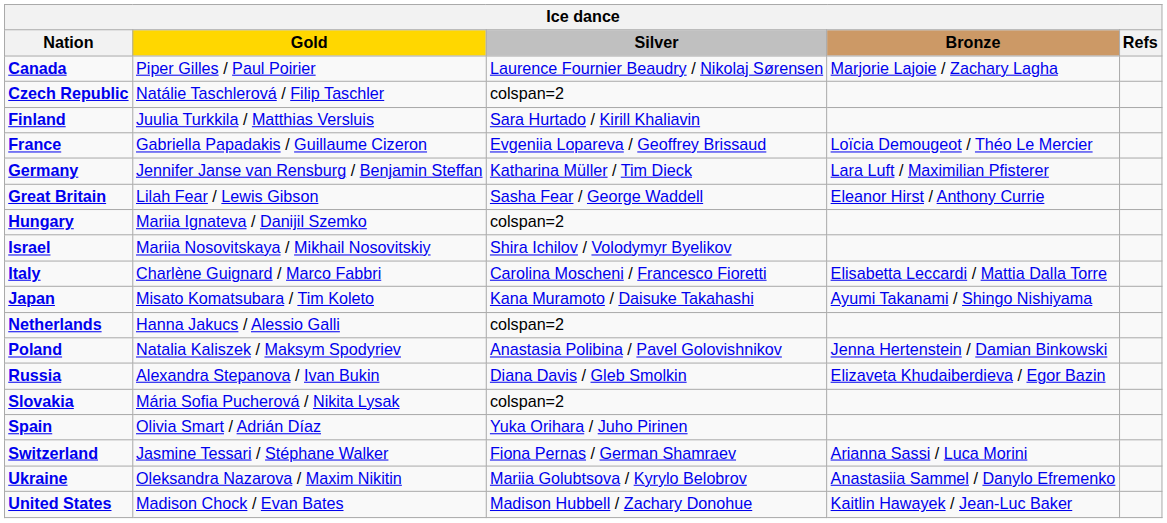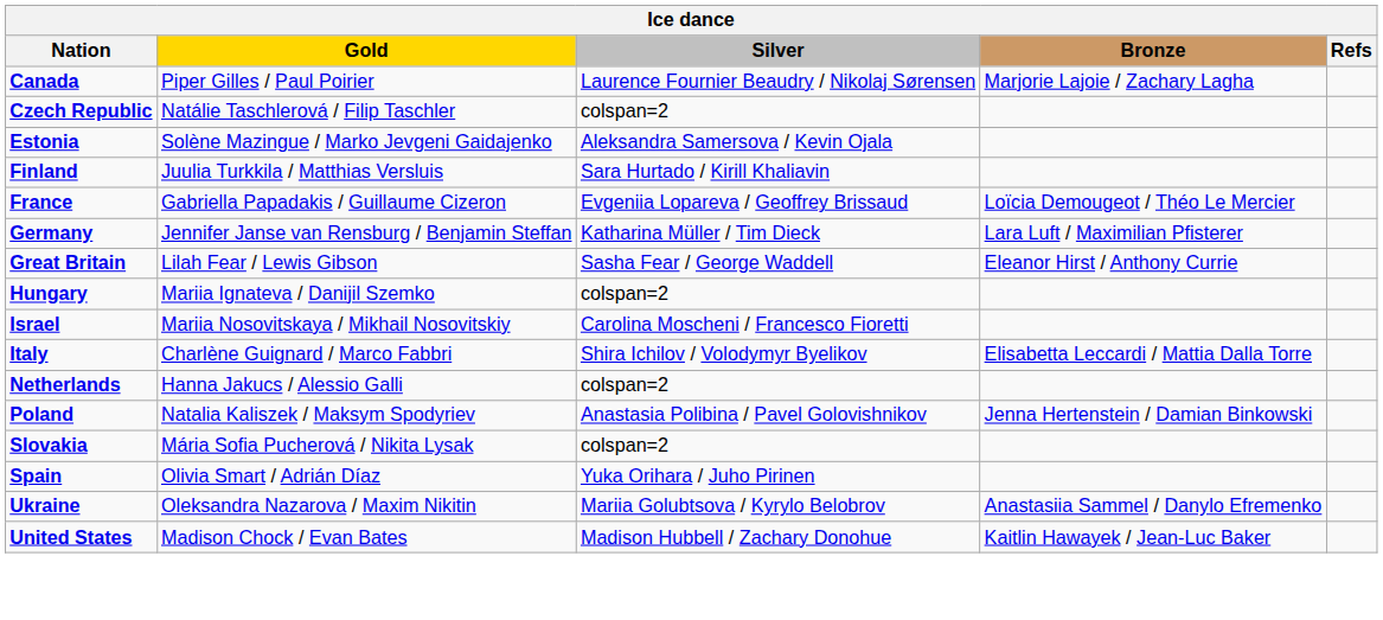 <table class="wikitable">
 <tr>
 <th colspan=5>Ice dance</th>
 </tr>
 <tr>
 <th>Nation</th>
 <td style="text-align:center; background:gold;"><strong>Gold</strong></td>
 <td style="text-align:center; background:silver;"><strong>Silver</strong></td>
 <td style="text-align:center; background:#c96;"><strong>Bronze</strong></td>
 <th>Refs</th>
 </tr>
 <tr>
 <td><strong> <a href='#'>Canada</a></strong></td>
 <td><a href='#'>Piper Gilles</a> / <a href='#'>Paul Poirier</a></td>
 <td><a href='#'>Laurence Fournier Beaudry</a> / <a href='#'>Nikolaj Sørensen</a></td>
 <td><a href='#'>Marjorie Lajoie</a> / <a href='#'>Zachary Lagha</a></td>
 <td></td>
 </tr>
 <tr>
 <td><strong> <a href='#'>Czech Republic</a></strong></td>
 <td><a href='#'>Natálie Taschlerová</a> / <a href='#'>Filip Taschler</a></td>
 <td>colspan=2 </td>
+<td></td>
+</tr>
+<tr>
+<td><strong> <a href='#'>Estonia</a></strong></td>
+<td><a href='#'>Solène Mazingue</a> / <a href='#'>Marko Jevgeni Gaidajenko</a></td>
+<td><a href='#'>Aleksandra Samersova</a> / <a href='#'>Kevin Ojala</a></td>
+<td></td>
 <td></td>
 </tr>
 <tr>
 <td><strong> <a href='#'>Finland</a></strong></td>
 <td><a href='#'>Juulia Turkkila</a> / <a href='#'>Matthias Versluis</a></td>
 <td><a href='#'>Sara Hurtado</a> / <a href='#'>Kirill Khaliavin</a></td>
 <td></td>
 <td></td>
 </tr>
 <tr>
 <td><strong> <a href='#'>France</a></strong></td>
 <td><a href='#'>Gabriella Papadakis</a> / <a href='#'>Guillaume Cizeron</a></td>
 <td><a href='#'>Evgeniia Lopareva</a> / <a href='#'>Geoffrey Brissaud</a></td>
 <td><a href='#'>Loïcia Demougeot</a> / <a href='#'>Théo Le Mercier</a></td>
 <td></td>
 </tr>
 <tr>
 <td><strong> <a href='#'>Germany</a></strong></td>
 <td><a href='#'>Jennifer Janse van Rensburg</a> / <a href='#'>Benjamin Steffan</a></td>
 <td><a href='#'>Katharina Müller</a> / <a href='#'>Tim Dieck</a></td>
 <td><a href='#'>Lara Luft</a> / <a href='#'>Maximilian Pfisterer</a></td>
 <td></td>
 </tr>
 <tr>
 <td><strong> <a href='#'>Great Britain</a></strong></td>
 <td><a href='#'>Lilah Fear</a> / <a href='#'>Lewis Gibson</a></td>
 <td><a href='#'>Sasha Fear</a> / <a href='#'>George Waddell</a></td>
 <td><a href='#'>Eleanor Hirst</a> / <a href='#'>Anthony Currie</a></td>
 <td></td>
 </tr>
 <tr>
 <td><strong> <a href='#'>Hungary</a></strong></td>
 <td><a href='#'>Mariia Ignateva</a> / <a href='#'>Danijil Szemko</a></td>
 <td>colspan=2 </td>
 <td></td>
 </tr>
 <tr>
 <td><strong> <a href='#'>Israel</a></strong></td>
 <td><a href='#'>Mariia Nosovitskaya</a> / <a href='#'>Mikhail Nosovitskiy</a></td>
-<td><a href='#'>Shira Ichilov</a> / <a href='#'>Volodymyr Byelikov</a></td>
+<td><a href='#'>Carolina Moscheni</a> / <a href='#'>Francesco Fioretti</a></td>
 <td></td>
 <td></td>
 </tr>
 <tr>
 <td><strong> <a href='#'>Italy</a></strong></td>
 <td><a href='#'>Charlène Guignard</a> / <a href='#'>Marco Fabbri</a></td>
-<td><a href='#'>Carolina Moscheni</a> / <a href='#'>Francesco Fioretti</a></td>
+<td><a href='#'>Shira Ichilov</a> / <a href='#'>Volodymyr Byelikov</a></td>
 <td><a href='#'>Elisabetta Leccardi</a> / <a href='#'>Mattia Dalla Torre</a></td>
-<td></td>
-</tr>
-<tr>
-<td><strong> <a href='#'>Japan</a></strong></td>
-<td><a href='#'>Misato Komatsubara</a> / <a href='#'>Tim Koleto</a></td>
-<td><a href='#'>Kana Muramoto</a> / <a href='#'>Daisuke Takahashi</a></td>
-<td><a href='#'>Ayumi Takanami</a> / <a href='#'>Shingo Nishiyama</a></td>
 <td></td>
 </tr>
 <tr>
 <td><strong> <a href='#'>Netherlands</a></strong></td>
 <td><a href='#'>Hanna Jakucs</a> / <a href='#'>Alessio Galli</a></td>
 <td>colspan=2 </td>
 <td></td>
 </tr>
 <tr>
 <td><strong> <a href='#'>Poland</a></strong></td>
 <td><a href='#'>Natalia Kaliszek</a> / <a href='#'>Maksym Spodyriev</a></td>
 <td><a href='#'>Anastasia Polibina</a> / <a href='#'>Pavel Golovishnikov</a></td>
 <td><a href='#'>Jenna Hertenstein</a> / <a href='#'>Damian Binkowski</a></td>
 <td></td>
 </tr>
 <tr>
-<td><strong> <a href='#'>Russia</a></strong></td>
-<td><a href='#'>Alexandra Stepanova</a> / <a href='#'>Ivan Bukin</a></td>
-<td><a href='#'>Diana Davis</a> / <a href='#'>Gleb Smolkin</a></td>
-<td><a href='#'>Elizaveta Khudaiberdieva</a> / <a href='#'>Egor Bazin</a></td>
-<td></td>
-</tr>
-<tr>
 <td><strong> <a href='#'>Slovakia</a></strong></td>
 <td><a href='#'>Mária Sofia Pucherová</a> / <a href='#'>Nikita Lysak</a></td>
 <td>colspan=2 </td>
 <td></td>
 </tr>
 <tr>
 <td><strong> <a href='#'>Spain</a></strong></td>
 <td><a href='#'>Olivia Smart</a> / <a href='#'>Adrián Díaz</a></td>
 <td><a href='#'>Yuka Orihara</a> / <a href='#'>Juho Pirinen</a></td>
 <td></td>
-<td></td>
-</tr>
-<tr>
-<td><strong> <a href='#'>Switzerland</a></strong></td>
-<td><a href='#'>Jasmine Tessari</a> / <a href='#'>Stéphane Walker</a></td>
-<td><a href='#'>Fiona Pernas</a> / <a href='#'>German Shamraev</a></td>
-<td><a href='#'>Arianna Sassi</a> / <a href='#'>Luca Morini</a></td>
 <td></td>
 </tr>
 <tr>
 <td><strong> <a href='#'>Ukraine</a></strong></td>
 <td><a href='#'>Oleksandra Nazarova</a> / <a href='#'>Maxim Nikitin</a></td>
 <td><a href='#'>Mariia Golubtsova</a> / <a href='#'>Kyrylo Belobrov</a></td>
 <td><a href='#'>Anastasiia Sammel</a> / <a href='#'>Danylo Efremenko</a></td>
 <td></td>
 </tr>
 <tr>
 <td><strong> <a href='#'>United States</a></strong></td>
 <td><a href='#'>Madison Chock</a> / <a href='#'>Evan Bates</a></td>
 <td><a href='#'>Madison Hubbell</a> / <a href='#'>Zachary Donohue</a></td>
 <td><a href='#'>Kaitlin Hawayek</a> / <a href='#'>Jean-Luc Baker</a></td>
 <td></td>
 </tr>
 </table>
